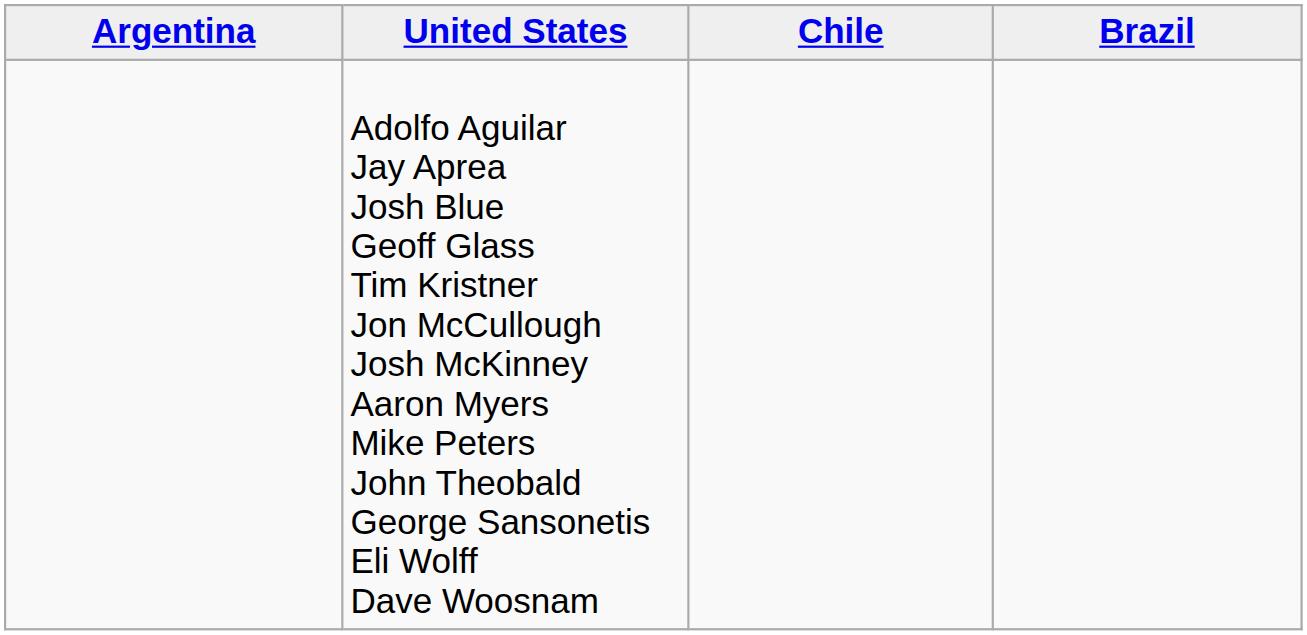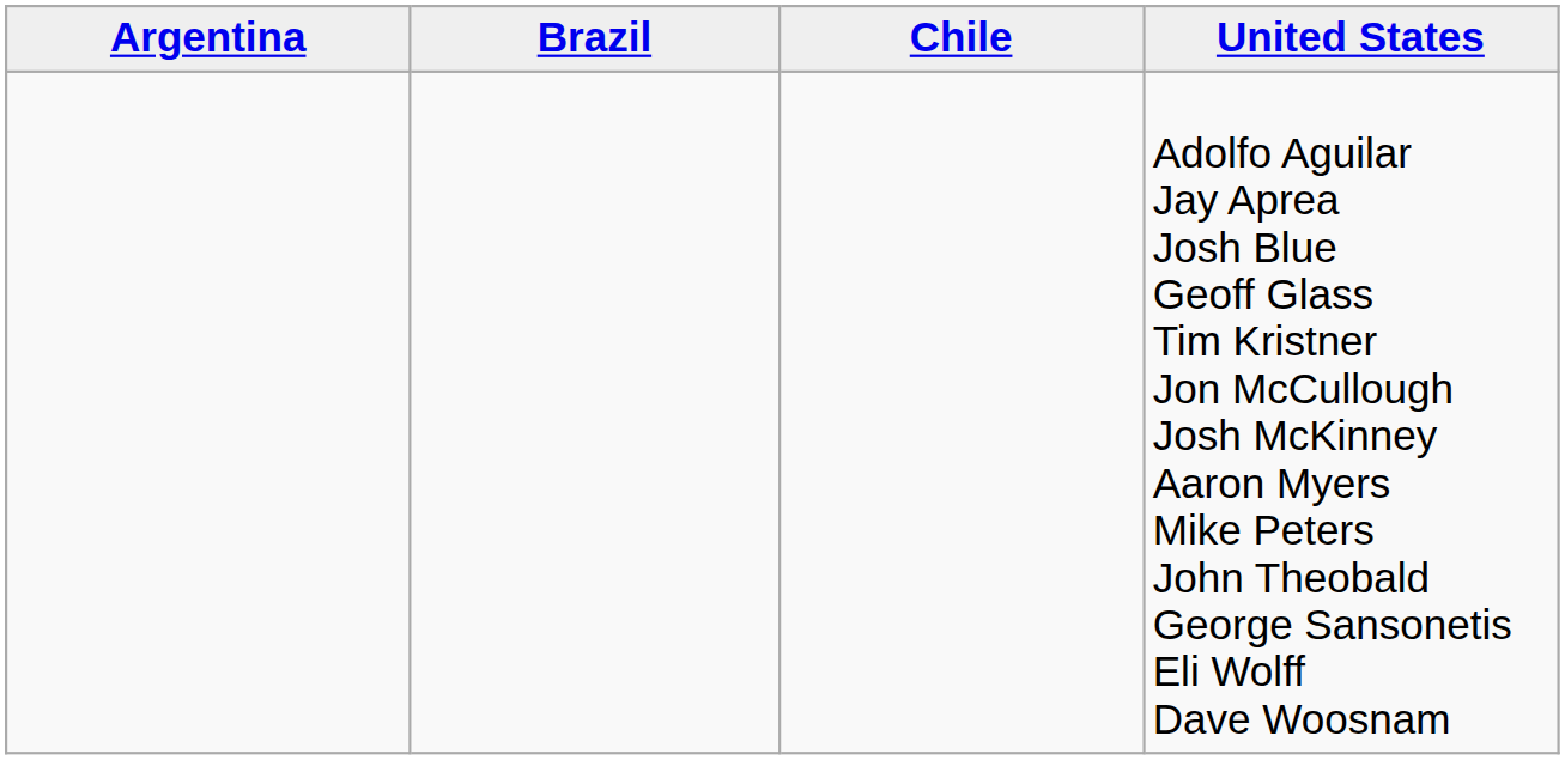 <table class="wikitable mw-collapsible mw-collapsed" cellpadding=5 cellspacing=0 style="width:95%;">
 <tr align=center>
 <td bgcolor="#efefef" width="200"><strong> <a href='#'>Argentina</a></strong></td>
+<td bgcolor="#efefef" width="200"><strong> <a href='#'>Brazil</a></strong></td>
+<td bgcolor="#efefef" width="200"><strong> <a href='#'>Chile</a></strong></td>
 <td bgcolor="#efefef" width="200"><strong> <a href='#'>United States</a></strong></td>
-<td bgcolor="#efefef" width="200"><strong> <a href='#'>Chile</a></strong></td>
-<td bgcolor="#efefef" width="200"><strong> <a href='#'>Brazil</a></strong></td>
 </tr>
 <tr valign=top>
 <td></td>
-<td><br>Adolfo Aguilar<br> Jay Aprea<br> Josh Blue<br> Geoff Glass<br> Tim Kristner<br> Jon McCullough<br> Josh McKinney<br> Aaron Myers<br> Mike Peters<br> John Theobald<br> George Sansonetis<br> Eli Wolff<br> Dave Woosnam<br></td>
 <td></td>
 <td></td>
+<td><br>Adolfo Aguilar<br> Jay Aprea<br> Josh Blue<br> Geoff Glass<br> Tim Kristner<br> Jon McCullough<br> Josh McKinney<br> Aaron Myers<br> Mike Peters<br> John Theobald<br> George Sansonetis<br> Eli Wolff<br> Dave Woosnam<br></td>
 </tr>
 </table>
